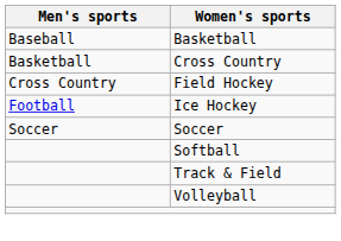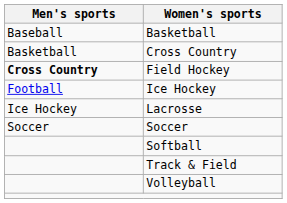 <table class="wikitable"; style= "text-align: ">
 <tr>
 <th width=150px>Men's sports</th>
 <th width=150px>Women's sports</th>
 </tr>
 <tr>
 <td>Baseball</td>
 <td>Basketball</td>
 </tr>
 <tr>
 <td>Basketball</td>
 <td>Cross Country</td>
 </tr>
 <tr>
-<td>Cross Country</td>
+<td><strong>Cross Country</strong></td>
 <td>Field Hockey</td>
 </tr>
 <tr>
 <td><a href='#'>Football</a></td>
 <td>Ice Hockey</td>
+</tr>
+<tr>
+<td>Ice Hockey</td>
+<td>Lacrosse</td>
 </tr>
 <tr>
 <td>Soccer</td>
 <td>Soccer</td>
 </tr>
 <tr>
 <td></td>
 <td>Softball</td>
 </tr>
 <tr>
 <td></td>
 <td>Track & Field</td>
 </tr>
 <tr>
 <td></td>
 <td>Volleyball</td>
 </tr>
 <tr>
 <td colspan="2"></td>
 </tr>
 </table>
